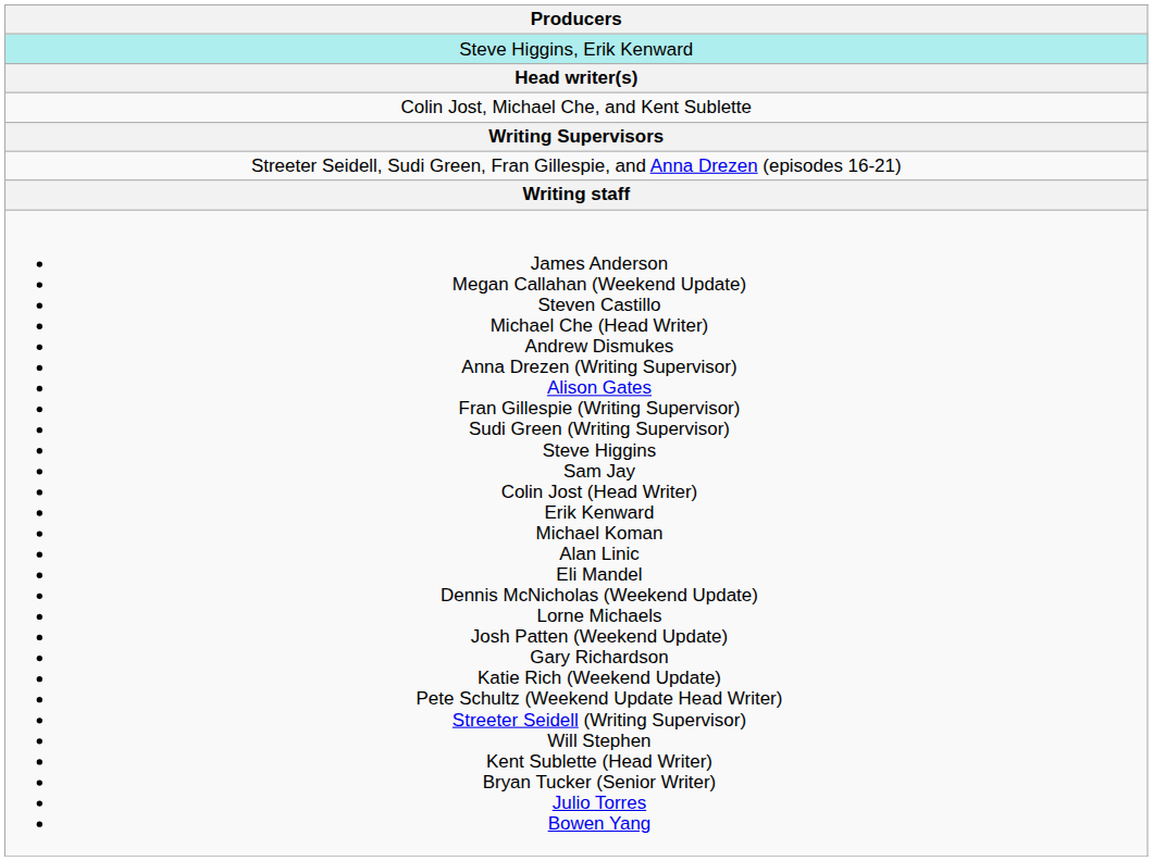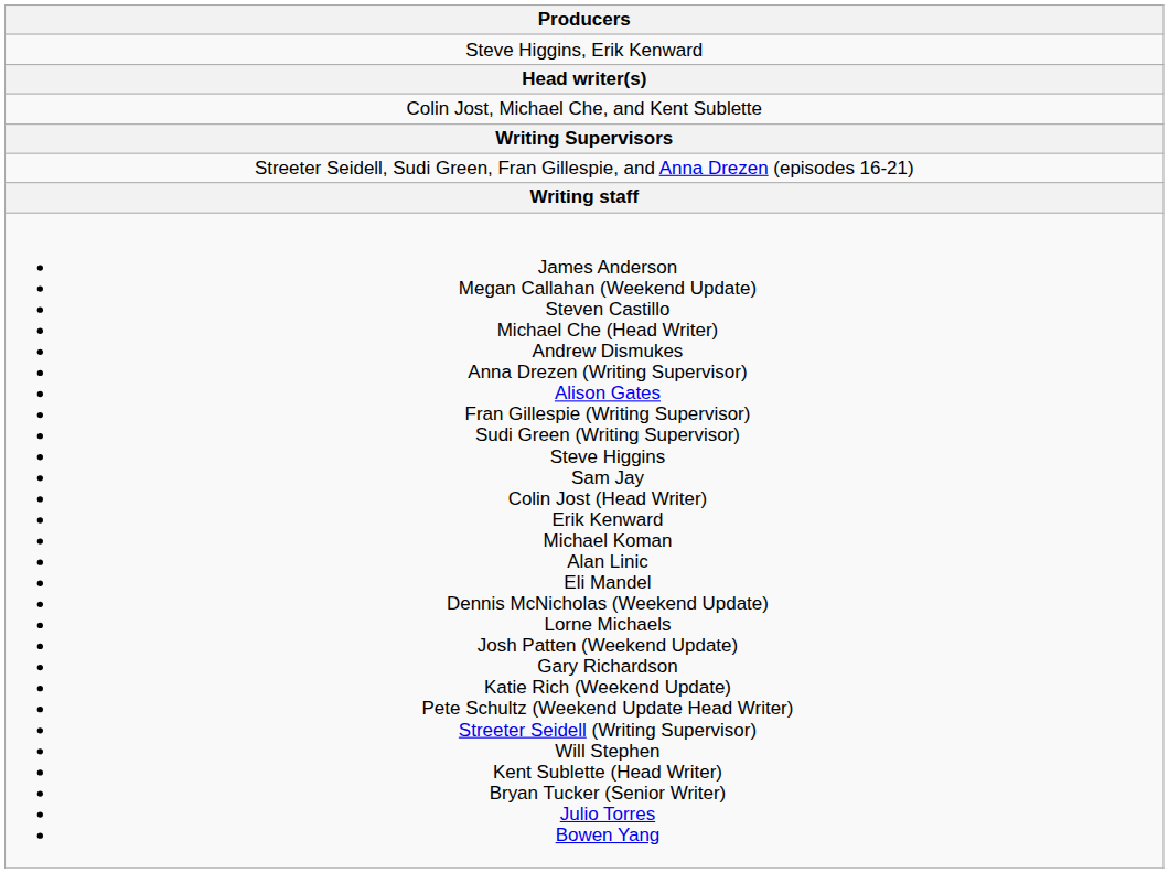 <table class="wikitable plainrowheaders"  style="text-align:center; width:50%;">
 <tr>
 <th><strong>Producers</strong></th>
 </tr>
 <tr>
-<td style="background: paleturquoise;">Steve Higgins, Erik Kenward</td>
+<td>Steve Higgins, Erik Kenward</td>
 </tr>
 <tr>
 <th><strong>Head writer(s)</strong></th>
 </tr>
 <tr>
 <td>Colin Jost, Michael Che, and Kent Sublette</td>
 </tr>
 <tr>
 <th><strong>Writing Supervisors</strong></th>
 </tr>
 <tr>
 <td>Streeter Seidell, Sudi Green, Fran Gillespie, and <a href='#'>Anna Drezen</a> (episodes 16-21)</td>
 </tr>
 <tr>
 <th><strong>Writing staff</strong> </th>
 </tr>
 <tr>
 <td><br><ul><li>James Anderson</li><li>Megan Callahan (Weekend Update)</li><li>Steven Castillo</li><li>Michael Che (Head Writer)</li><li>Andrew Dismukes</li><li>Anna Drezen (Writing Supervisor)</li><li><a href='#'>Alison Gates</a></li><li>Fran Gillespie (Writing Supervisor)</li><li>Sudi Green (Writing Supervisor)</li><li>Steve Higgins</li><li>Sam Jay</li><li>Colin Jost (Head Writer)</li><li>Erik Kenward</li><li>Michael Koman</li><li>Alan Linic</li><li>Eli Mandel</li><li>Dennis McNicholas (Weekend Update)</li><li>Lorne Michaels</li><li>Josh Patten (Weekend Update)</li><li>Gary Richardson</li><li>Katie Rich (Weekend Update)</li><li>Pete Schultz (Weekend Update Head Writer)</li><li><a href='#'>Streeter Seidell</a> (Writing Supervisor)</li><li>Will Stephen</li><li>Kent Sublette (Head Writer)</li><li>Bryan Tucker (Senior Writer)</li><li><a href='#'>Julio Torres</a></li><li><a href='#'>Bowen Yang</a></li></ul></td>
 </tr>
 </table>
